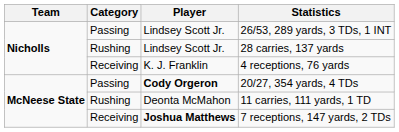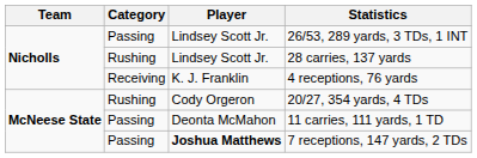 <table class="wikitable" style="float: left;">
 <tr>
 <th>Team</th>
 <th>Category</th>
 <th>Player</th>
 <th>Statistics</th>
 </tr>
 <tr>
 <td rowspan=3><strong>Nicholls</strong></td>
 <td>Passing</td>
 <td>Lindsey Scott Jr.</td>
 <td>26/53, 289 yards, 3 TDs, 1 INT</td>
 </tr>
 <tr>
 <td>Rushing</td>
 <td>Lindsey Scott Jr.</td>
 <td>28 carries, 137 yards</td>
 </tr>
 <tr>
 <td>Receiving</td>
 <td>K. J. Franklin</td>
 <td>4 receptions, 76 yards</td>
 </tr>
 <tr>
 <td rowspan=3><strong>McNeese State</strong></td>
-<td>Passing</td>
-<td><strong>Cody Orgeron</strong></td>
+<td>Rushing</td>
+<td>Cody Orgeron</td>
 <td>20/27, 354 yards, 4 TDs</td>
 </tr>
 <tr>
-<td>Rushing</td>
+<td>Passing</td>
 <td>Deonta McMahon</td>
 <td>11 carries, 111 yards, 1 TD</td>
 </tr>
 <tr>
-<td>Receiving</td>
+<td>Passing</td>
 <td><strong>Joshua Matthews</strong></td>
 <td>7 receptions, 147 yards, 2 TDs</td>
 </tr>
 </table>
